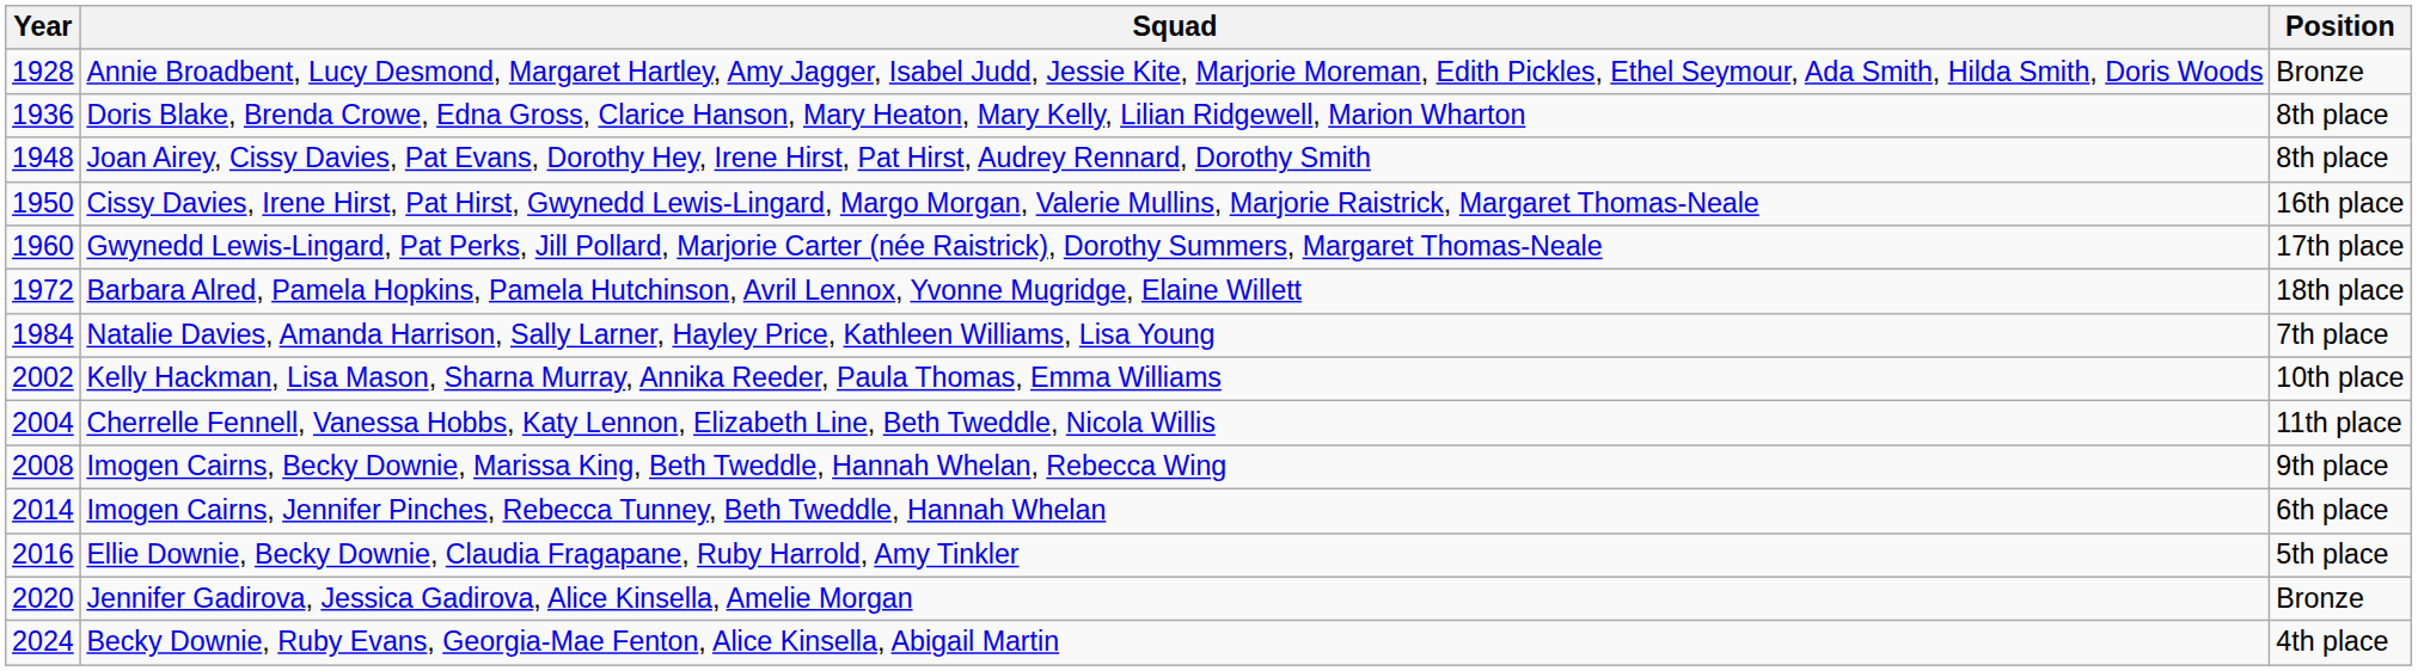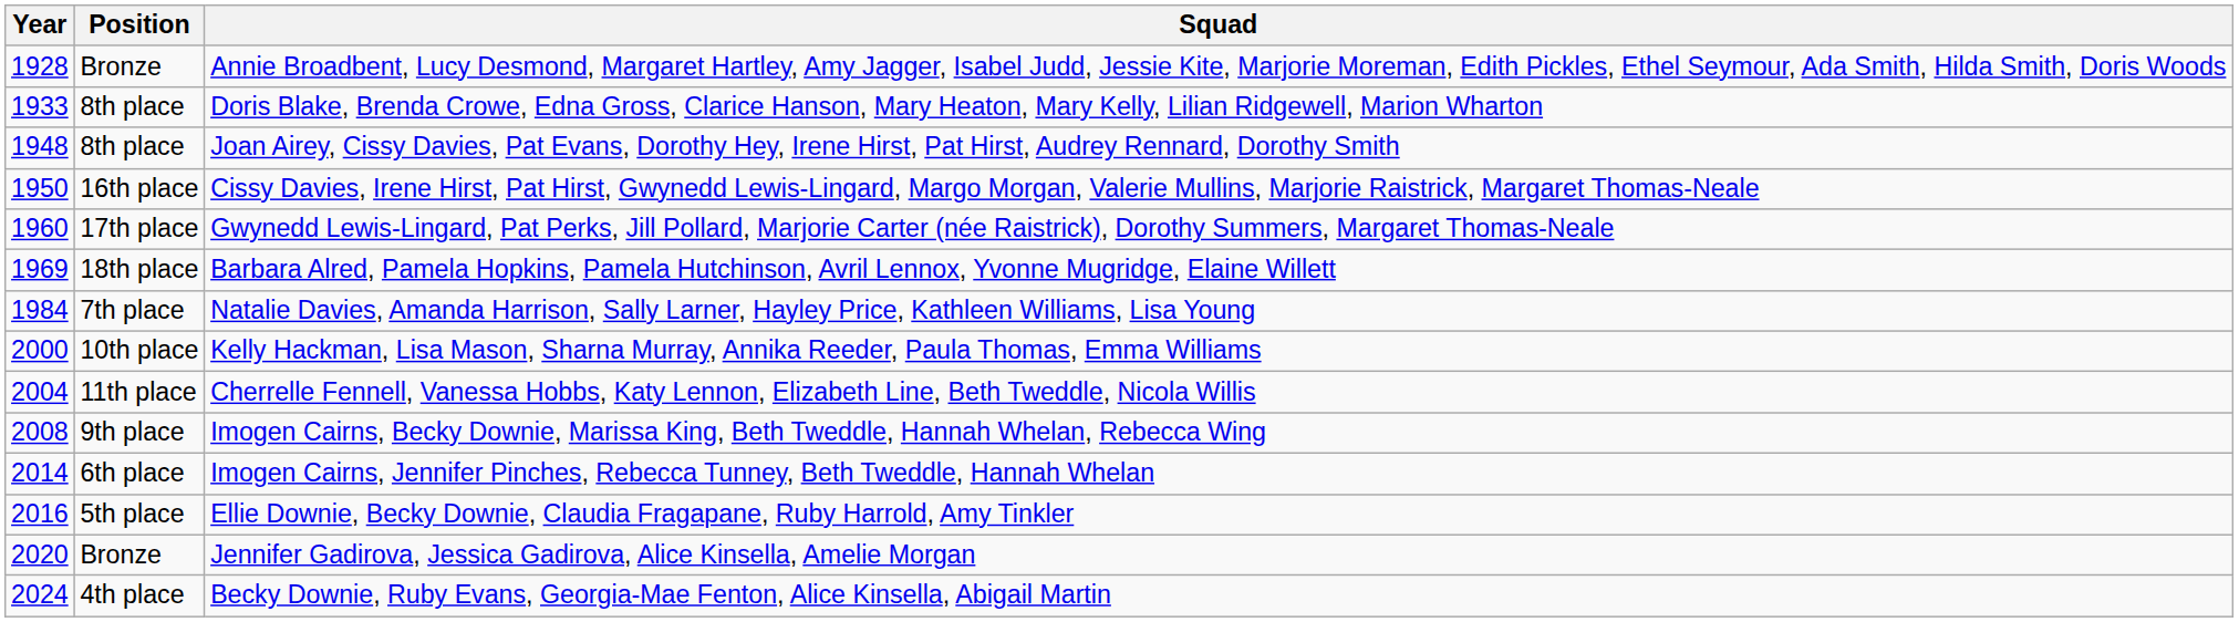 <table class="wikitable mw-collapsible">
 <tr>
 <th>Year</th>
+<th>Position</th>
 <th>Squad</th>
-<th>Position</th>
 </tr>
 <tr>
 <td><a href='#'>1928</a></td>
+<td>Bronze</td>
 <td><a href='#'>Annie Broadbent</a>, <a href='#'>Lucy Desmond</a>, <a href='#'>Margaret Hartley</a>, <a href='#'>Amy Jagger</a>, <a href='#'>Isabel Judd</a>, <a href='#'>Jessie Kite</a>, <a href='#'>Marjorie Moreman</a>, <a href='#'>Edith Pickles</a>, <a href='#'>Ethel Seymour</a>, <a href='#'>Ada Smith</a>, <a href='#'>Hilda Smith</a>, <a href='#'>Doris Woods</a></td>
-<td>Bronze</td>
 </tr>
 <tr>
-<td><a href='#'>1936</a></td>
+<td><a href='#'>1933</a></td>
+<td>8th place</td>
 <td><a href='#'>Doris Blake</a>, <a href='#'>Brenda Crowe</a>, <a href='#'>Edna Gross</a>, <a href='#'>Clarice Hanson</a>, <a href='#'>Mary Heaton</a>, <a href='#'>Mary Kelly</a>, <a href='#'>Lilian Ridgewell</a>, <a href='#'>Marion Wharton</a></td>
-<td>8th place</td>
 </tr>
 <tr>
 <td><a href='#'>1948</a></td>
+<td>8th place</td>
 <td><a href='#'>Joan Airey</a>, <a href='#'>Cissy Davies</a>, <a href='#'>Pat Evans</a>, <a href='#'>Dorothy Hey</a>, <a href='#'>Irene Hirst</a>, <a href='#'>Pat Hirst</a>, <a href='#'>Audrey Rennard</a>, <a href='#'>Dorothy Smith</a></td>
-<td>8th place</td>
 </tr>
 <tr>
 <td><a href='#'>1950</a></td>
+<td>16th place</td>
 <td><a href='#'>Cissy Davies</a>, <a href='#'>Irene Hirst</a>, <a href='#'>Pat Hirst</a>, <a href='#'>Gwynedd Lewis-Lingard</a>, <a href='#'>Margo Morgan</a>, <a href='#'>Valerie Mullins</a>, <a href='#'>Marjorie Raistrick</a>, <a href='#'>Margaret Thomas-Neale</a></td>
-<td>16th place</td>
 </tr>
 <tr>
 <td><a href='#'>1960</a></td>
+<td>17th place</td>
 <td><a href='#'>Gwynedd Lewis-Lingard</a>, <a href='#'>Pat Perks</a>, <a href='#'>Jill Pollard</a>, <a href='#'>Marjorie Carter (née Raistrick)</a>, <a href='#'>Dorothy Summers</a>, <a href='#'>Margaret Thomas-Neale</a></td>
-<td>17th place</td>
 </tr>
 <tr>
-<td><a href='#'>1972</a></td>
+<td><a href='#'>1969</a></td>
+<td>18th place</td>
 <td><a href='#'>Barbara Alred</a>, <a href='#'>Pamela Hopkins</a>, <a href='#'>Pamela Hutchinson</a>, <a href='#'>Avril Lennox</a>, <a href='#'>Yvonne Mugridge</a>, <a href='#'>Elaine Willett</a></td>
-<td>18th place</td>
 </tr>
 <tr>
 <td><a href='#'>1984</a></td>
+<td>7th place</td>
 <td><a href='#'>Natalie Davies</a>, <a href='#'>Amanda Harrison</a>, <a href='#'>Sally Larner</a>, <a href='#'>Hayley Price</a>, <a href='#'>Kathleen Williams</a>, <a href='#'>Lisa Young</a></td>
-<td>7th place</td>
 </tr>
 <tr>
-<td><a href='#'>2002</a></td>
+<td><a href='#'>2000</a></td>
+<td>10th place</td>
 <td><a href='#'>Kelly Hackman</a>, <a href='#'>Lisa Mason</a>, <a href='#'>Sharna Murray</a>, <a href='#'>Annika Reeder</a>, <a href='#'>Paula Thomas</a>, <a href='#'>Emma Williams</a></td>
-<td>10th place</td>
 </tr>
 <tr>
 <td><a href='#'>2004</a></td>
+<td>11th place</td>
 <td><a href='#'>Cherrelle Fennell</a>, <a href='#'>Vanessa Hobbs</a>, <a href='#'>Katy Lennon</a>, <a href='#'>Elizabeth Line</a>, <a href='#'>Beth Tweddle</a>, <a href='#'>Nicola Willis</a></td>
-<td>11th place</td>
 </tr>
 <tr>
 <td><a href='#'>2008</a></td>
+<td>9th place</td>
 <td><a href='#'>Imogen Cairns</a>, <a href='#'>Becky Downie</a>, <a href='#'>Marissa King</a>, <a href='#'>Beth Tweddle</a>, <a href='#'>Hannah Whelan</a>, <a href='#'>Rebecca Wing</a></td>
-<td>9th place</td>
 </tr>
 <tr>
 <td><a href='#'>2014</a></td>
+<td>6th place</td>
 <td><a href='#'>Imogen Cairns</a>, <a href='#'>Jennifer Pinches</a>, <a href='#'>Rebecca Tunney</a>, <a href='#'>Beth Tweddle</a>, <a href='#'>Hannah Whelan</a></td>
-<td>6th place</td>
 </tr>
 <tr>
 <td><a href='#'>2016</a></td>
+<td>5th place</td>
 <td><a href='#'>Ellie Downie</a>, <a href='#'>Becky Downie</a>, <a href='#'>Claudia Fragapane</a>, <a href='#'>Ruby Harrold</a>, <a href='#'>Amy Tinkler</a></td>
-<td>5th place</td>
 </tr>
 <tr>
 <td><a href='#'>2020</a></td>
+<td>Bronze</td>
 <td><a href='#'>Jennifer Gadirova</a>, <a href='#'>Jessica Gadirova</a>, <a href='#'>Alice Kinsella</a>, <a href='#'>Amelie Morgan</a></td>
-<td>Bronze</td>
 </tr>
 <tr>
 <td><a href='#'>2024</a></td>
+<td>4th place</td>
 <td><a href='#'>Becky Downie</a>, <a href='#'>Ruby Evans</a>, <a href='#'>Georgia-Mae Fenton</a>, <a href='#'>Alice Kinsella</a>, <a href='#'>Abigail Martin</a></td>
-<td>4th place</td>
 </tr>
 </table>
